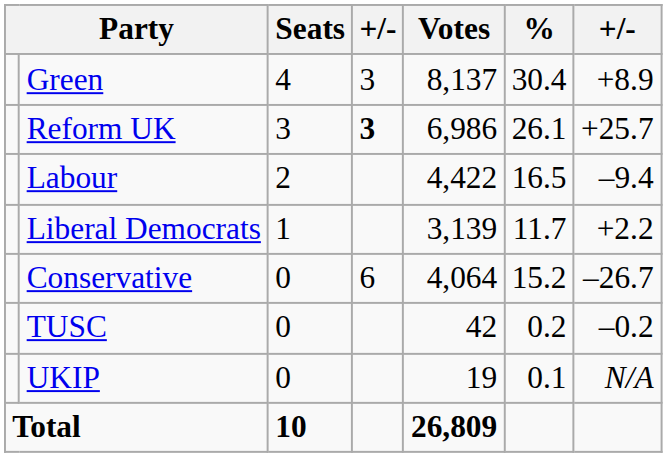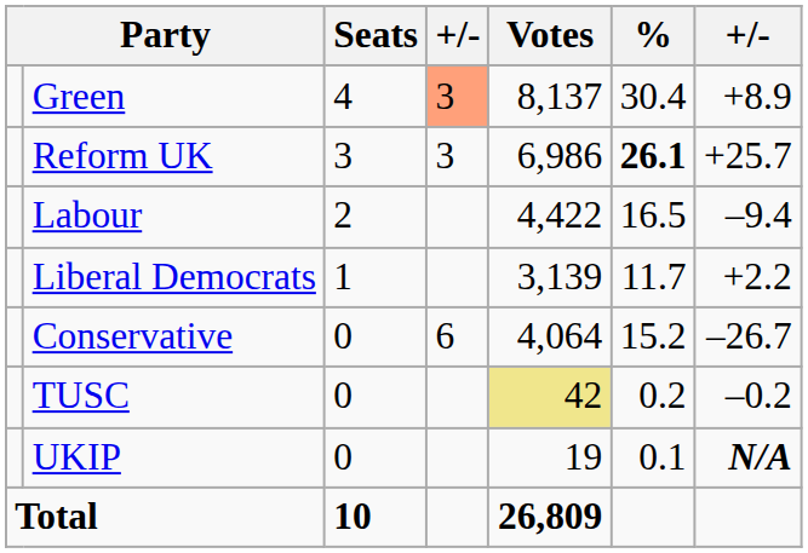 <table class="wikitable sortable">
 <tr>
 <th colspan="2">Party</th>
 <th>Seats</th>
 <th>+/-</th>
 <th>Votes</th>
 <th>%</th>
 <th>+/-</th>
 </tr>
 <tr>
 <td style="background-color: "></td>
 <td><a href='#'>Green</a></td>
 <td>4</td>
-<td> 3</td>
+<td style="background: lightsalmon;"> 3</td>
 <td style="text-align:right;">8,137</td>
 <td style="text-align:right;">30.4</td>
 <td style="text-align:right;">+8.9</td>
 </tr>
 <tr>
 <td style="background-color: "></td>
 <td><a href='#'>Reform UK</a></td>
 <td>3</td>
-<td><strong> 3</strong></td>
+<td> 3</td>
 <td style="text-align:right;">6,986</td>
-<td style="text-align:right;">26.1</td>
+<td style="text-align:right;"><strong>26.1</strong></td>
 <td style="text-align:right;">+25.7</td>
 </tr>
 <tr>
 <td style="background-color: "></td>
 <td><a href='#'>Labour</a></td>
 <td>2</td>
 <td></td>
 <td style="text-align:right;">4,422</td>
 <td style="text-align:right;">16.5</td>
 <td style="text-align:right;">–9.4</td>
 </tr>
 <tr>
 <td style="background-color: "></td>
 <td><a href='#'>Liberal Democrats</a></td>
 <td>1</td>
 <td></td>
 <td style="text-align:right;">3,139</td>
 <td style="text-align:right;">11.7</td>
 <td style="text-align:right;">+2.2</td>
 </tr>
 <tr>
 <td style="background-color: "></td>
 <td><a href='#'>Conservative</a></td>
 <td>0</td>
 <td> 6</td>
 <td style="text-align:right;">4,064</td>
 <td style="text-align:right;">15.2</td>
 <td style="text-align:right;">–26.7</td>
 </tr>
 <tr>
 <td style="background-color: "></td>
 <td><a href='#'>TUSC</a></td>
 <td>0</td>
 <td></td>
-<td style="text-align:right;">42</td>
+<td style="background: khaki; text-align:right;">42</td>
 <td style="text-align:right;">0.2</td>
 <td style="text-align:right;">–0.2</td>
 </tr>
 <tr>
 <td style="background-color: "></td>
 <td><a href='#'>UKIP</a></td>
 <td>0</td>
 <td></td>
 <td style="text-align:right;">19</td>
 <td style="text-align:right;">0.1</td>
-<td style="text-align:right;"><em>N/A</em></td>
+<td style="text-align:right;"><strong><em>N/A</em></strong></td>
 </tr>
 <tr>
 <td colspan="2"><strong>Total</strong></td>
 <td><strong>10</strong></td>
 <td></td>
 <td style="text-align:right;"><strong>26,809</strong></td>
 <td style="text-align:right;"></td>
 <td style="text-align:right;"></td>
 </tr>
 </table>
